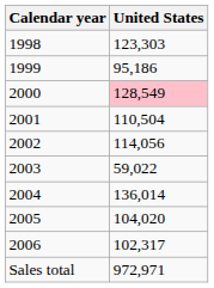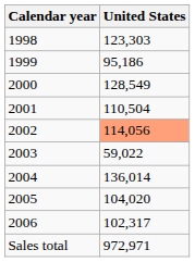 <table class="wikitable">
 <tr>
 <th>Calendar year</th>
 <th>United States</th>
 </tr>
 <tr>
 <td>1998</td>
 <td>123,303</td>
 </tr>
 <tr>
 <td>1999</td>
 <td>95,186</td>
 </tr>
 <tr>
 <td>2000</td>
-<td style="background: pink;">128,549</td>
+<td>128,549</td>
 </tr>
 <tr>
 <td>2001</td>
 <td>110,504</td>
 </tr>
 <tr>
 <td>2002</td>
-<td>114,056</td>
+<td style="background: lightsalmon;">114,056</td>
 </tr>
 <tr>
 <td>2003</td>
 <td>59,022</td>
 </tr>
 <tr>
 <td>2004</td>
 <td>136,014</td>
 </tr>
 <tr>
 <td>2005</td>
 <td>104,020</td>
 </tr>
 <tr>
 <td>2006</td>
 <td>102,317</td>
 </tr>
 <tr>
 <td>Sales total</td>
 <td>972,971</td>
 </tr>
 </table>
